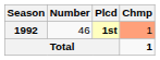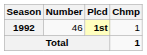 <table class="wikitable" style="font-size:100%; text-align:right">
 <tr>
 <th>Season</th>
 <th>Number</th>
 <th>Plcd</th>
 <th>Chmp</th>
 </tr>
 <tr>
 <th>1992</th>
 <td>46</td>
 <td style="background:#ffffbf;"><strong>1st</strong></td>
-<td style="background: lightsalmon;">1</td>
+<td>1</td>
 </tr>
 <tr>
 <th colspan=3>Total</th>
 <td><strong>1</strong></td>
 </tr>
 </table>
